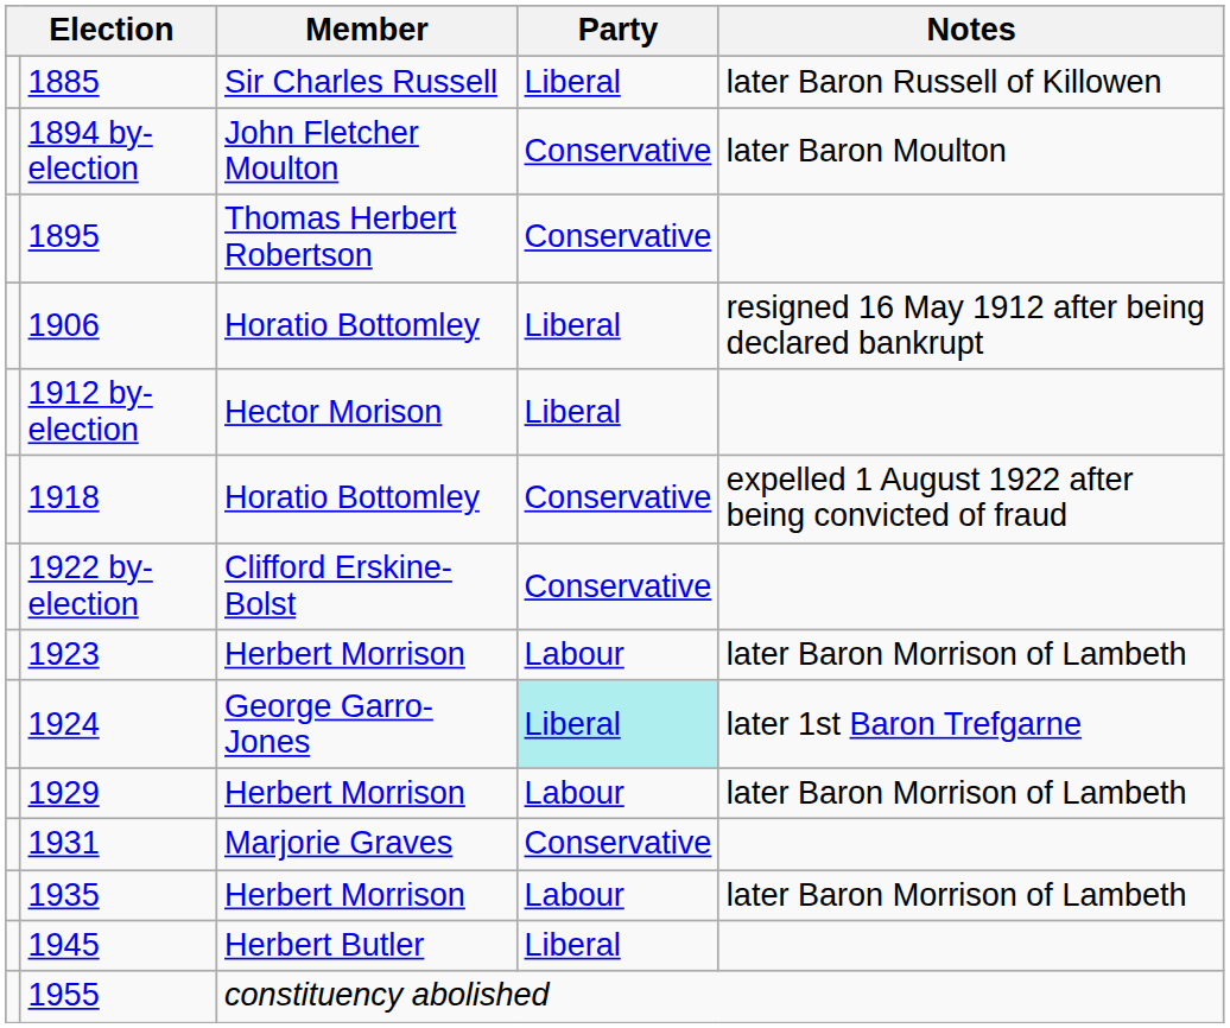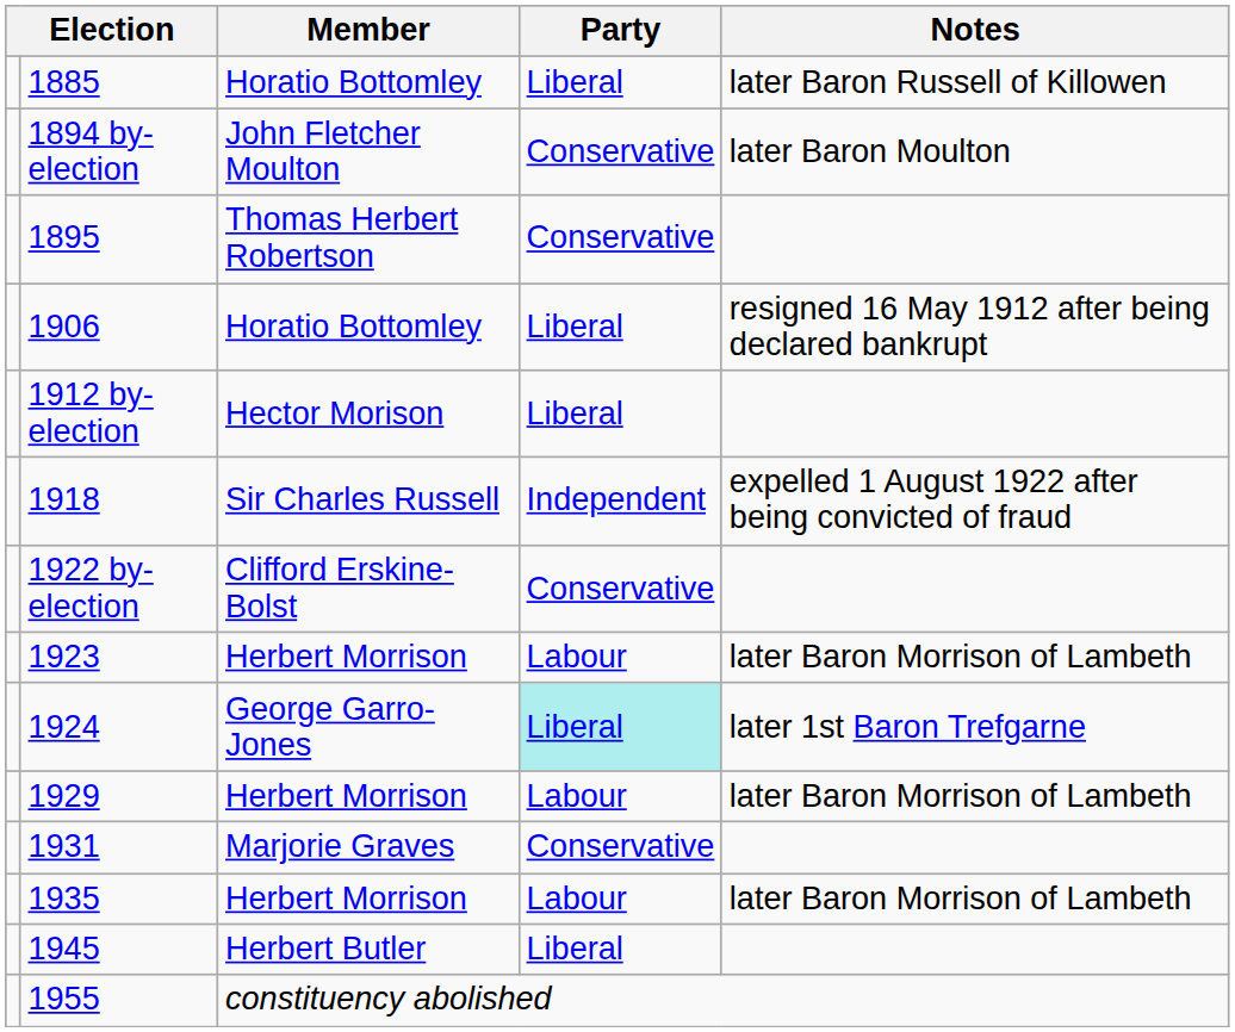 <table class="wikitable">
 <tr>
 <th colspan="2">Election</th>
 <th>Member</th>
 <th>Party</th>
 <th>Notes</th>
 </tr>
 <tr>
 <td style="color:inherit;background-color: "></td>
 <td><a href='#'>1885</a></td>
-<td><a href='#'>Sir Charles Russell</a></td>
+<td><a href='#'>Horatio Bottomley</a></td>
 <td><a href='#'>Liberal</a></td>
 <td>later Baron Russell of Killowen</td>
 </tr>
 <tr>
 <td style="color:inherit;background-color: "></td>
 <td><a href='#'>1894 by-election</a></td>
 <td><a href='#'>John Fletcher Moulton</a></td>
 <td><a href='#'>Conservative</a></td>
 <td>later Baron Moulton</td>
 </tr>
 <tr>
 <td style="color:inherit;background-color: "></td>
 <td><a href='#'>1895</a></td>
 <td><a href='#'>Thomas Herbert Robertson</a></td>
 <td><a href='#'>Conservative</a></td>
 <td></td>
 </tr>
 <tr>
 <td style="color:inherit;background-color: "></td>
 <td><a href='#'>1906</a></td>
 <td><a href='#'>Horatio Bottomley</a></td>
 <td><a href='#'>Liberal</a></td>
 <td>resigned 16 May 1912 after being declared bankrupt</td>
 </tr>
 <tr>
 <td style="color:inherit;background-color: "></td>
 <td><a href='#'>1912 by-election</a></td>
 <td><a href='#'>Hector Morison</a></td>
 <td><a href='#'>Liberal</a></td>
 <td></td>
 </tr>
 <tr>
 <td style="color:inherit;background-color: "></td>
 <td><a href='#'>1918</a></td>
-<td><a href='#'>Horatio Bottomley</a></td>
-<td><a href='#'>Conservative</a></td>
+<td><a href='#'>Sir Charles Russell</a></td>
+<td><a href='#'>Independent</a></td>
 <td>expelled 1 August 1922 after being convicted of fraud</td>
 </tr>
 <tr>
 <td style="color:inherit;background-color: "></td>
 <td><a href='#'>1922 by-election</a></td>
 <td><a href='#'>Clifford Erskine-Bolst</a></td>
 <td><a href='#'>Conservative</a></td>
 <td></td>
 </tr>
 <tr>
 <td style="color:inherit;background-color: "></td>
 <td><a href='#'>1923</a></td>
 <td><a href='#'>Herbert Morrison</a></td>
 <td><a href='#'>Labour</a></td>
 <td>later Baron Morrison of Lambeth</td>
 </tr>
 <tr>
 <td style="color:inherit;background-color: "></td>
 <td><a href='#'>1924</a></td>
 <td><a href='#'>George Garro-Jones</a></td>
 <td style="background: paleturquoise;"><a href='#'>Liberal</a></td>
 <td>later 1st <a href='#'>Baron Trefgarne</a></td>
 </tr>
 <tr>
 <td style="color:inherit;background-color: "></td>
 <td><a href='#'>1929</a></td>
 <td><a href='#'>Herbert Morrison</a></td>
 <td><a href='#'>Labour</a></td>
 <td>later Baron Morrison of Lambeth</td>
 </tr>
 <tr>
 <td style="color:inherit;background-color: "></td>
 <td><a href='#'>1931</a></td>
 <td><a href='#'>Marjorie Graves</a></td>
 <td><a href='#'>Conservative</a></td>
 <td></td>
 </tr>
 <tr>
 <td style="color:inherit;background-color: "></td>
 <td><a href='#'>1935</a></td>
 <td><a href='#'>Herbert Morrison</a></td>
 <td><a href='#'>Labour</a></td>
 <td>later Baron Morrison of Lambeth</td>
 </tr>
 <tr>
 <td style="color:inherit;background-color: "></td>
 <td><a href='#'>1945</a></td>
 <td><a href='#'>Herbert Butler</a></td>
 <td><a href='#'>Liberal</a></td>
 <td></td>
 </tr>
 <tr>
 <td></td>
 <td><a href='#'>1955</a></td>
 <td colspan="3"><em>constituency abolished</em></td>
 </tr>
 </table>
